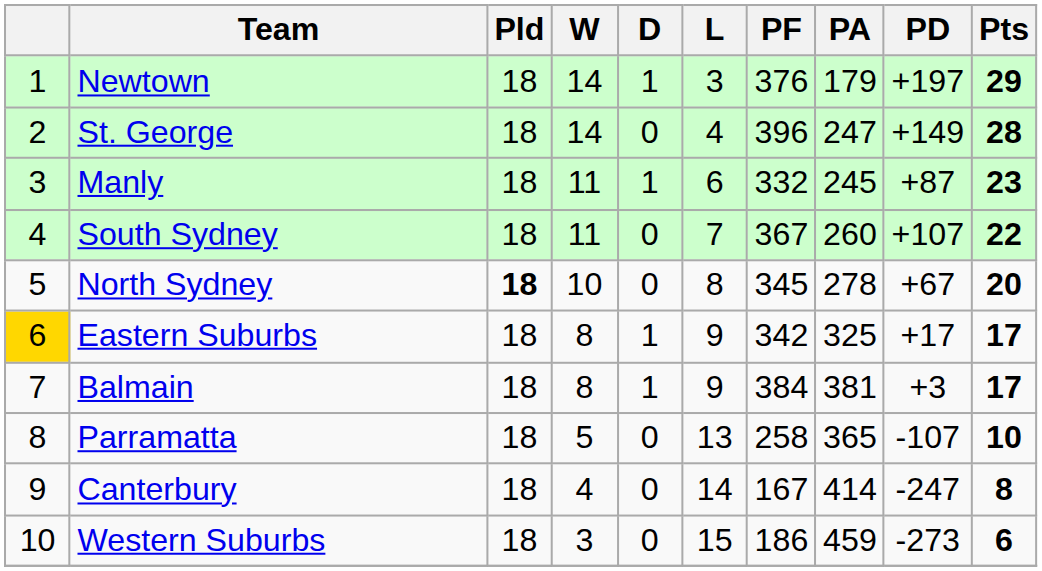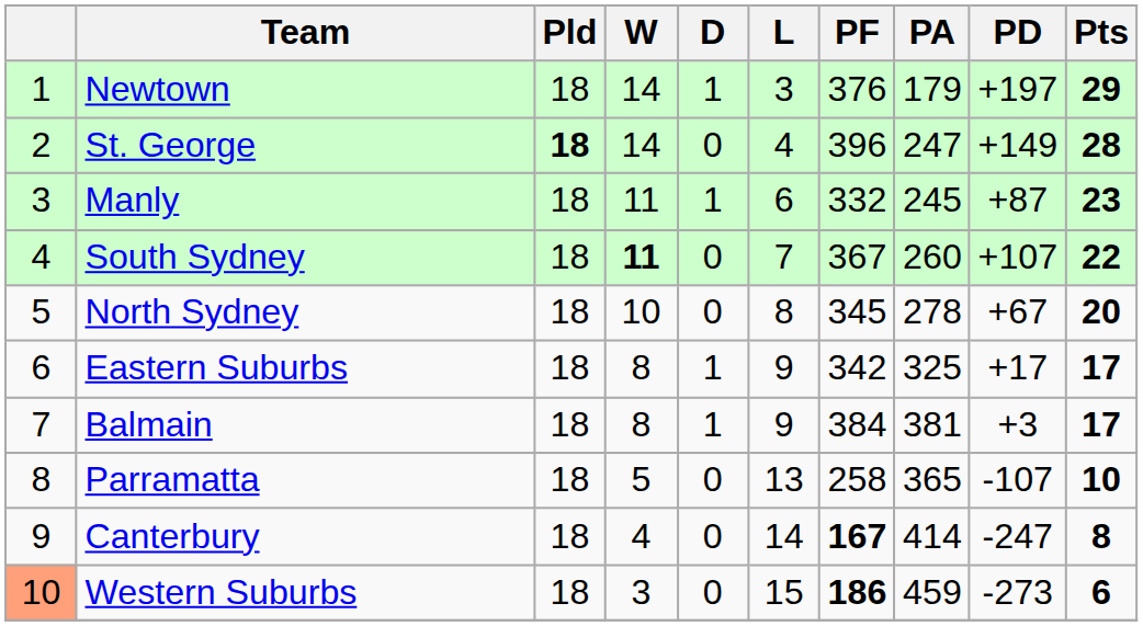 <table class="wikitable" style="text-align:center;">
 <tr>
 <th width=25 abbr="Position×"></th>
 <th width=200>Team</th>
 <th width=25 abbr="Played">Pld</th>
 <th width=25 abbr="Won">W</th>
 <th width=25 abbr="Drawn">D</th>
 <th width=25 abbr="Lost">L</th>
 <th width=25 abbr="Points for">PF</th>
 <th width=25 abbr="Points against">PA</th>
 <th width=25 abbr="Points difference">PD</th>
 <th width=25 abbr="Points">Pts</th>
 </tr>
 <tr style="background: #ccffcc;">
 <td>1</td>
 <td style="text-align:left;"> <a href='#'>Newtown</a></td>
 <td>18</td>
 <td>14</td>
 <td>1</td>
 <td>3</td>
 <td>376</td>
 <td>179</td>
 <td>+197</td>
 <td><strong>29</strong></td>
 </tr>
 <tr style="background: #ccffcc;">
 <td>2</td>
 <td style="text-align:left;"> <a href='#'>St. George</a></td>
-<td>18</td>
+<td><strong>18</strong></td>
 <td>14</td>
 <td>0</td>
 <td>4</td>
 <td>396</td>
 <td>247</td>
 <td>+149</td>
 <td><strong>28</strong></td>
 </tr>
 <tr style="background: #ccffcc;">
 <td>3</td>
 <td style="text-align:left;"> <a href='#'>Manly</a></td>
 <td>18</td>
 <td>11</td>
 <td>1</td>
 <td>6</td>
 <td>332</td>
 <td>245</td>
 <td>+87</td>
 <td><strong>23</strong></td>
 </tr>
 <tr style="background: #ccffcc;">
 <td>4</td>
 <td style="text-align:left;"> <a href='#'>South Sydney</a></td>
 <td>18</td>
-<td>11</td>
+<td><strong>11</strong></td>
 <td>0</td>
 <td>7</td>
 <td>367</td>
 <td>260</td>
 <td>+107</td>
 <td><strong>22</strong></td>
 </tr>
 <tr>
 <td>5</td>
 <td style="text-align:left;"> <a href='#'>North Sydney</a></td>
-<td><strong>18</strong></td>
+<td>18</td>
 <td>10</td>
 <td>0</td>
 <td>8</td>
 <td>345</td>
 <td>278</td>
 <td>+67</td>
 <td><strong>20</strong></td>
 </tr>
 <tr>
-<td style="background: gold;">6</td>
+<td>6</td>
 <td style="text-align:left;"> <a href='#'>Eastern Suburbs</a></td>
 <td>18</td>
 <td>8</td>
 <td>1</td>
 <td>9</td>
 <td>342</td>
 <td>325</td>
 <td>+17</td>
 <td><strong>17</strong></td>
 </tr>
 <tr>
 <td>7</td>
 <td style="text-align:left;"> <a href='#'>Balmain</a></td>
 <td>18</td>
 <td>8</td>
 <td>1</td>
 <td>9</td>
 <td>384</td>
 <td>381</td>
 <td>+3</td>
 <td><strong>17</strong></td>
 </tr>
 <tr>
 <td>8</td>
 <td style="text-align:left;"> <a href='#'>Parramatta</a></td>
 <td>18</td>
 <td>5</td>
 <td>0</td>
 <td>13</td>
 <td>258</td>
 <td>365</td>
 <td>-107</td>
 <td><strong>10</strong></td>
 </tr>
 <tr>
 <td>9</td>
 <td style="text-align:left;"> <a href='#'>Canterbury</a></td>
 <td>18</td>
 <td>4</td>
 <td>0</td>
 <td>14</td>
-<td>167</td>
+<td><strong>167</strong></td>
 <td>414</td>
 <td>-247</td>
 <td><strong>8</strong></td>
 </tr>
 <tr>
-<td>10</td>
+<td style="background: lightsalmon;">10</td>
 <td style="text-align:left;"> <a href='#'>Western Suburbs</a></td>
 <td>18</td>
 <td>3</td>
 <td>0</td>
 <td>15</td>
-<td>186</td>
+<td><strong>186</strong></td>
 <td>459</td>
 <td>-273</td>
 <td><strong>6</strong></td>
 </tr>
 <tr>
 </tr>
 </table>
